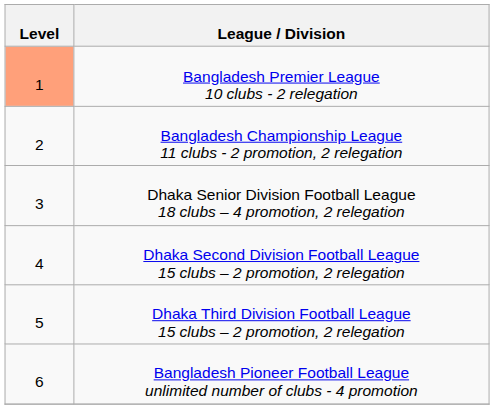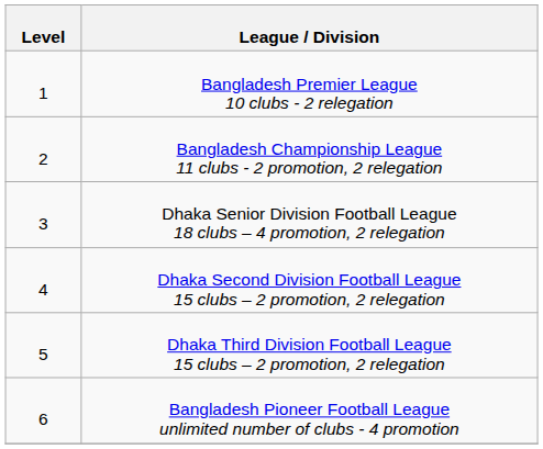 <table class="wikitable" style="text-align:center; margin:0.5em auto; width: 500px">
 <tr>
 <th><br>Level</th>
 <th><br>League / Division</th>
 </tr>
 <tr>
-<td style="background: lightsalmon;"><br>1</td>
+<td><br>1</td>
 <td><br><a href='#'>Bangladesh Premier League</a> <br> <em>10 clubs - 2 relegation</em></td>
 </tr>
 <tr>
 <td><br>2</td>
 <td><br><a href='#'>Bangladesh Championship League</a> <br><em>11 clubs - 2 promotion,  2 relegation</em></td>
 </tr>
 <tr>
 <td><br>3</td>
 <td><br>Dhaka Senior Division Football League <br><em>18 clubs – 4 promotion, 2 relegation</em></td>
 </tr>
 <tr>
 <td><br>4</td>
 <td><br><a href='#'>Dhaka Second Division Football League</a> <br><em>15 clubs – 2 promotion, 2 relegation</em></td>
 </tr>
 <tr>
 <td><br>5</td>
 <td><br><a href='#'>Dhaka Third Division Football League</a> <br><em>15 clubs – 2 promotion, 2 relegation</em></td>
 </tr>
 <tr>
 <td><br>6</td>
 <td><br><a href='#'>Bangladesh Pioneer Football League</a> <br><em>unlimited number of clubs - 4 promotion</em></td>
 </tr>
 <tr>
 </tr>
 </table>
